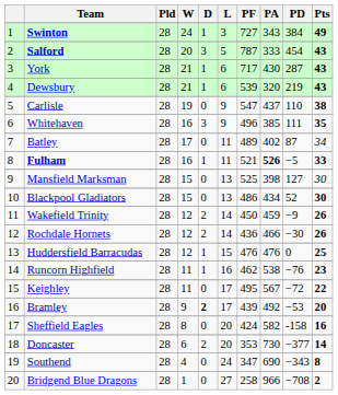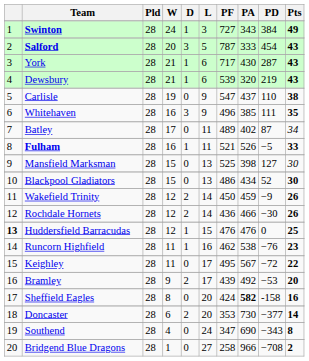 <table class="wikitable" style="text-align:center;">
 <tr>
 <th width=20 abbr="Position"></th>
 <th width=175>Team</th>
 <th width=20 abbr="Played">Pld</th>
 <th width=20 abbr="Won">W</th>
 <th width=20 abbr="Drawn">D</th>
 <th width=20 abbr="Lost">L</th>
 <th width=20 abbr="Points for">PF</th>
 <th width=20 abbr="Points against">PA</th>
 <th width=25 abbr="Points difference">PD</th>
 <th width=20 abbr="Points">Pts</th>
 </tr>
 <tr>
 </tr>
 <tr align=left style="background:#cfc;">
 <td>1</td>
 <td align=left style="background#cfc:"><strong><a href='#'>Swinton</a></strong></td>
 <td>28</td>
 <td>24</td>
 <td>1</td>
 <td>3</td>
 <td>727</td>
 <td>343</td>
 <td>384</td>
 <td><strong>49</strong></td>
 </tr>
 <tr --->
 </tr>
 <tr align=left style="background:#cfc;">
 <td>2</td>
 <td style="text-align:left;"><strong><a href='#'>Salford</a></strong></td>
 <td>28</td>
 <td>20</td>
 <td>3</td>
 <td>5</td>
 <td>787</td>
 <td>333</td>
 <td>454</td>
 <td><strong>43</strong></td>
 </tr>
 <tr --->
 </tr>
 <tr align=left style="background:#cfc;">
 <td>3</td>
 <td style="text-align:left;"><a href='#'>York</a></td>
 <td>28</td>
 <td>21</td>
 <td>1</td>
 <td>6</td>
 <td>717</td>
 <td>430</td>
 <td>287</td>
 <td><strong>43</strong></td>
 </tr>
 <tr --->
 </tr>
 <tr align=left style="background:#cfc;">
 <td>4</td>
 <td style="text-align:left;"><a href='#'>Dewsbury</a></td>
 <td>28</td>
 <td>21</td>
 <td>1</td>
 <td>6</td>
 <td>539</td>
 <td>320</td>
 <td>219</td>
 <td><strong>43</strong></td>
 </tr>
 <tr --->
 </tr>
 <tr align=left style="background:">
 <td>5</td>
 <td style="text-align:left;"><a href='#'>Carlisle</a></td>
 <td>28</td>
 <td>19</td>
 <td>0</td>
 <td>9</td>
 <td>547</td>
 <td>437</td>
 <td>110</td>
 <td><strong>38</strong></td>
 </tr>
 <tr --->
 </tr>
 <tr align=left style="background:">
 <td>6</td>
 <td style="text-align:left;"><a href='#'>Whitehaven</a></td>
 <td>28</td>
 <td>16</td>
 <td>3</td>
 <td>9</td>
 <td>496</td>
 <td>385</td>
 <td>111</td>
 <td><strong>35</strong></td>
 </tr>
 <tr --->
 </tr>
 <tr align=left style="background:">
 <td>7</td>
 <td style="text-align:left;"><a href='#'>Batley</a></td>
 <td>28</td>
 <td>17</td>
 <td>0</td>
 <td>11</td>
 <td>489</td>
 <td>402</td>
 <td>87</td>
 <td><em>34</em></td>
 </tr>
 <tr --->
 </tr>
 <tr align=left style="background:">
 <td>8</td>
 <td style="text-align:left;"><strong><a href='#'>Fulham</a></strong></td>
 <td>28</td>
 <td>16</td>
 <td>1</td>
 <td>11</td>
 <td>521</td>
-<td><strong>526</strong></td>
+<td>526</td>
 <td>−5</td>
 <td><strong>33</strong></td>
 </tr>
 <tr --->
 </tr>
 <tr align=left style="background:">
 <td>9</td>
 <td style="text-align:left;"><a href='#'>Mansfield Marksman</a></td>
 <td>28</td>
 <td>15</td>
 <td>0</td>
 <td>13</td>
 <td>525</td>
 <td>398</td>
 <td>127</td>
 <td><em>30</em></td>
 </tr>
 <tr --->
 </tr>
 <tr align=left style="background:">
 <td>10</td>
 <td style="text-align:left;"><a href='#'>Blackpool Gladiators</a></td>
 <td>28</td>
 <td>15</td>
 <td>0</td>
 <td>13</td>
 <td>486</td>
 <td>434</td>
 <td>52</td>
 <td><strong>30</strong></td>
 </tr>
 <tr --->
 </tr>
 <tr align=left style="background:">
 <td>11</td>
 <td style="text-align:left;"><a href='#'>Wakefield Trinity</a></td>
 <td>28</td>
 <td>12</td>
 <td>2</td>
 <td>14</td>
 <td>450</td>
 <td>459</td>
 <td>−9</td>
 <td><strong>26</strong></td>
 </tr>
 <tr --->
 </tr>
 <tr align=left style="background:">
 <td>12</td>
 <td style="text-align:left;"><a href='#'>Rochdale Hornets</a></td>
 <td>28</td>
 <td>12</td>
 <td>2</td>
 <td>14</td>
 <td>436</td>
 <td>466</td>
 <td>−30</td>
 <td><strong>26</strong></td>
 </tr>
 <tr --->
 </tr>
 <tr align=left style="background:">
-<td>13</td>
+<td><strong>13</strong></td>
 <td style="text-align:left;"><a href='#'>Huddersfield Barracudas</a></td>
 <td>28</td>
 <td>12</td>
 <td>1</td>
 <td>15</td>
 <td>476</td>
 <td>476</td>
 <td>0</td>
 <td><strong>25</strong></td>
 </tr>
 <tr --->
 </tr>
 <tr align=left style="background:">
 <td>14</td>
 <td style="text-align:left;"><a href='#'>Runcorn Highfield</a></td>
 <td>28</td>
 <td>11</td>
 <td>1</td>
 <td>16</td>
 <td>462</td>
 <td>538</td>
 <td>−76</td>
 <td><strong>23</strong></td>
 </tr>
 <tr --->
 </tr>
 <tr align=left style="background:">
 <td>15</td>
 <td style="text-align:left;"><a href='#'>Keighley</a></td>
 <td>28</td>
 <td>11</td>
 <td>0</td>
 <td>17</td>
 <td>495</td>
 <td>567</td>
 <td>−72</td>
 <td><strong>22</strong></td>
 </tr>
 <tr --->
 </tr>
 <tr align=left style="background:">
 <td>16</td>
 <td style="text-align:left;"><a href='#'>Bramley</a></td>
 <td>28</td>
 <td>9</td>
-<td><strong>2</strong></td>
+<td>2</td>
 <td>17</td>
 <td>439</td>
 <td>492</td>
 <td>−53</td>
 <td><strong>20</strong></td>
 </tr>
 <tr --->
 </tr>
 <tr align=left style="background:">
 <td>17</td>
 <td style="text-align:left;"><a href='#'>Sheffield Eagles</a></td>
 <td>28</td>
 <td>8</td>
 <td>0</td>
 <td>20</td>
 <td>424</td>
-<td>582</td>
+<td><strong>582</strong></td>
 <td>-158</td>
 <td><strong>16</strong></td>
 </tr>
 <tr --->
 </tr>
 <tr align=left style="background:">
 <td>18</td>
 <td style="text-align:left;"><a href='#'>Doncaster</a></td>
 <td>28</td>
 <td>6</td>
 <td>2</td>
 <td>20</td>
 <td>353</td>
 <td>730</td>
 <td>−377</td>
 <td><strong>14</strong></td>
 </tr>
 <tr --->
 </tr>
 <tr align=left style="background:">
 <td>19</td>
 <td style="text-align:left;"><a href='#'>Southend</a></td>
 <td>28</td>
 <td>4</td>
 <td>0</td>
 <td>24</td>
 <td>347</td>
 <td>690</td>
 <td>−343</td>
 <td><strong>8</strong></td>
 </tr>
 <tr --->
 </tr>
 <tr align=left style="background:">
 <td>20</td>
 <td style="text-align:left;"><a href='#'>Bridgend Blue Dragons</a></td>
 <td>28</td>
 <td>1</td>
 <td>0</td>
 <td>27</td>
 <td>258</td>
 <td>966</td>
 <td>−708</td>
 <td><strong>2</strong></td>
 </tr>
 </table>
